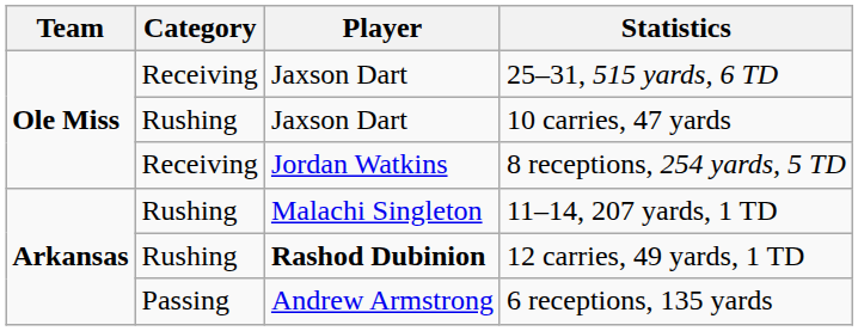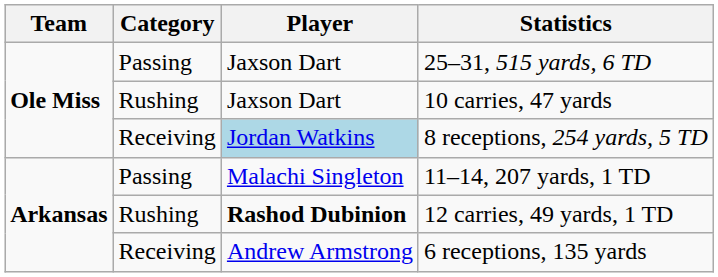 <table class="wikitable" style="float: right;">
 <tr>
 <th>Team</th>
 <th>Category</th>
 <th>Player</th>
 <th>Statistics</th>
 </tr>
 <tr>
 <td rowspan=3><strong>Ole Miss</strong></td>
-<td>Receiving</td>
+<td>Passing</td>
 <td>Jaxson Dart</td>
 <td>25–31, <em>515 yards, 6 TD</em></td>
 </tr>
 <tr>
 <td>Rushing</td>
 <td>Jaxson Dart</td>
 <td>10 carries, 47 yards</td>
 </tr>
 <tr>
 <td>Receiving</td>
-<td><a href='#'>Jordan Watkins</a></td>
+<td style="background: lightblue;"><a href='#'>Jordan Watkins</a></td>
 <td>8 receptions, <em>254 yards, 5 TD</em></td>
 </tr>
 <tr>
 <td rowspan=3><strong>Arkansas</strong></td>
-<td>Rushing</td>
+<td>Passing</td>
 <td><a href='#'>Malachi Singleton</a></td>
 <td>11–14, 207 yards, 1 TD</td>
 </tr>
 <tr>
 <td>Rushing</td>
 <td><strong>Rashod Dubinion</strong></td>
 <td>12 carries, 49 yards, 1 TD</td>
 </tr>
 <tr>
-<td>Passing</td>
+<td>Receiving</td>
 <td><a href='#'>Andrew Armstrong</a></td>
 <td>6 receptions, 135 yards</td>
 </tr>
 </table>
